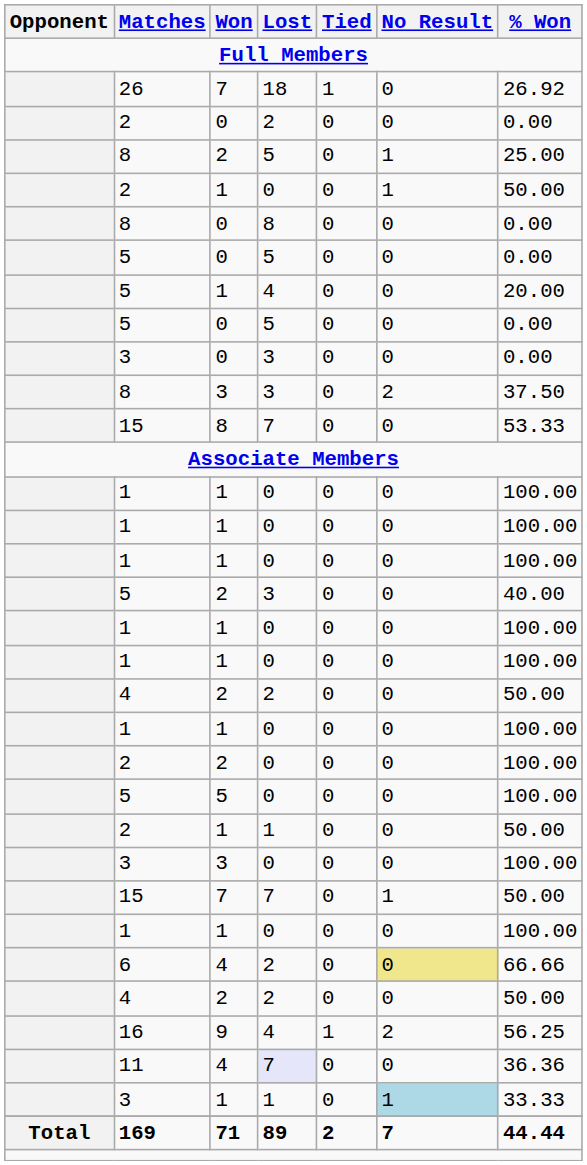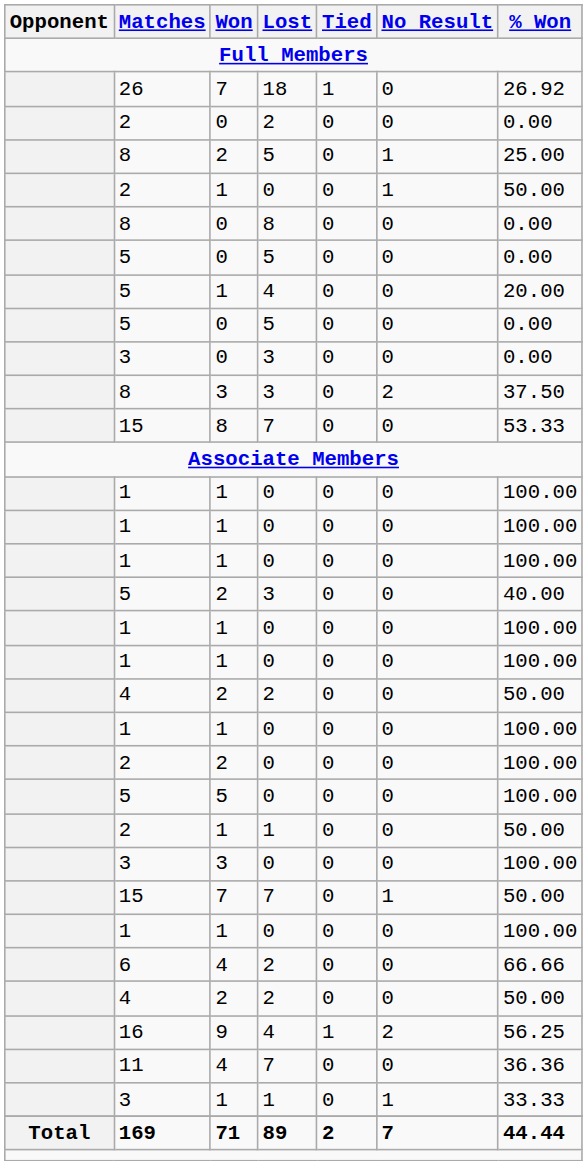 <table class="wikitable plainrowheaders sortable">
 <tr>
 <th scope="col">Opponent</th>
 <th scope="col"><a href='#'>Matches</a></th>
 <th scope="col"><a href='#'>Won</a></th>
 <th scope="col"><a href='#'>Lost</a></th>
 <th scope="col"><a href='#'>Tied</a></th>
 <th scope="col"><a href='#'>No Result</a></th>
 <th scope="col"><a href='#'>% Won</a></th>
 </tr>
 <tr>
 <td style="text-align: center;" colspan="9"><strong><a href='#'>Full Members</a></strong></td>
 </tr>
 <tr>
 <th scope=row></th>
 <td>26</td>
 <td>7</td>
 <td>18</td>
 <td>1</td>
 <td>0</td>
 <td>26.92</td>
 </tr>
 <tr>
 <th scope=row></th>
 <td>2</td>
 <td>0</td>
 <td>2</td>
 <td>0</td>
 <td>0</td>
 <td>0.00</td>
 </tr>
 <tr>
 <th scope=row></th>
 <td>8</td>
 <td>2</td>
 <td>5</td>
 <td>0</td>
 <td>1</td>
 <td>25.00</td>
 </tr>
 <tr>
 <th scope=row></th>
 <td>2</td>
 <td>1</td>
 <td>0</td>
 <td>0</td>
 <td>1</td>
 <td>50.00</td>
 </tr>
 <tr>
 <th scope=row></th>
 <td>8</td>
 <td>0</td>
 <td>8</td>
 <td>0</td>
 <td>0</td>
 <td>0.00</td>
 </tr>
 <tr>
 <th scope=row></th>
 <td>5</td>
 <td>0</td>
 <td>5</td>
 <td>0</td>
 <td>0</td>
 <td>0.00</td>
 </tr>
 <tr>
 <th scope=row></th>
 <td>5</td>
 <td>1</td>
 <td>4</td>
 <td>0</td>
 <td>0</td>
 <td>20.00</td>
 </tr>
 <tr>
 <th scope=row></th>
 <td>5</td>
 <td>0</td>
 <td>5</td>
 <td>0</td>
 <td>0</td>
 <td>0.00</td>
 </tr>
 <tr>
 <th scope=row></th>
 <td>3</td>
 <td>0</td>
 <td>3</td>
 <td>0</td>
 <td>0</td>
 <td>0.00</td>
 </tr>
 <tr>
 <th scope=row></th>
 <td>8</td>
 <td>3</td>
 <td>3</td>
 <td>0</td>
 <td>2</td>
 <td>37.50</td>
 </tr>
 <tr>
 <th scope=row></th>
 <td>15</td>
 <td>8</td>
 <td>7</td>
 <td>0</td>
 <td>0</td>
 <td>53.33</td>
 </tr>
 <tr>
 <td colspan="10" style="text-align: center;"><strong><a href='#'>Associate Members</a></strong></td>
 </tr>
 <tr>
 <th scope=row></th>
 <td>1</td>
 <td>1</td>
 <td>0</td>
 <td>0</td>
 <td>0</td>
 <td>100.00</td>
 </tr>
 <tr>
 <th scope=row></th>
 <td>1</td>
 <td>1</td>
 <td>0</td>
 <td>0</td>
 <td>0</td>
 <td>100.00</td>
 </tr>
 <tr>
 <th scope=row></th>
 <td>1</td>
 <td>1</td>
 <td>0</td>
 <td>0</td>
 <td>0</td>
 <td>100.00</td>
 </tr>
 <tr>
 <th scope=row></th>
 <td>5</td>
 <td>2</td>
 <td>3</td>
 <td>0</td>
 <td>0</td>
 <td>40.00</td>
 </tr>
 <tr>
 <th scope=row></th>
 <td>1</td>
 <td>1</td>
 <td>0</td>
 <td>0</td>
 <td>0</td>
 <td>100.00</td>
 </tr>
 <tr>
 <th scope=row></th>
 <td>1</td>
 <td>1</td>
 <td>0</td>
 <td>0</td>
 <td>0</td>
 <td>100.00</td>
 </tr>
 <tr>
 <th scope=row></th>
 <td>4</td>
 <td>2</td>
 <td>2</td>
 <td>0</td>
 <td>0</td>
 <td>50.00</td>
 </tr>
 <tr>
 <th scope=row></th>
 <td>1</td>
 <td>1</td>
 <td>0</td>
 <td>0</td>
 <td>0</td>
 <td>100.00</td>
 </tr>
 <tr>
 <th scope=row></th>
 <td>2</td>
 <td>2</td>
 <td>0</td>
 <td>0</td>
 <td>0</td>
 <td>100.00</td>
 </tr>
 <tr>
 <th scope=row></th>
 <td>5</td>
 <td>5</td>
 <td>0</td>
 <td>0</td>
 <td>0</td>
 <td>100.00</td>
 </tr>
 <tr>
 <th scope=row></th>
 <td>2</td>
 <td>1</td>
 <td>1</td>
 <td>0</td>
 <td>0</td>
 <td>50.00</td>
 </tr>
 <tr>
 <th scope=row></th>
 <td>3</td>
 <td>3</td>
 <td>0</td>
 <td>0</td>
 <td>0</td>
 <td>100.00</td>
 </tr>
 <tr>
 <th scope=row></th>
 <td>15</td>
 <td>7</td>
 <td>7</td>
 <td>0</td>
 <td>1</td>
 <td>50.00</td>
 </tr>
 <tr>
 <th scope=row></th>
 <td>1</td>
 <td>1</td>
 <td>0</td>
 <td>0</td>
 <td>0</td>
 <td>100.00</td>
 </tr>
 <tr>
 <th scope=row></th>
 <td>6</td>
 <td>4</td>
 <td>2</td>
 <td>0</td>
-<td style="background: khaki;">0</td>
+<td>0</td>
 <td>66.66</td>
 </tr>
 <tr>
 <th scope=row></th>
 <td>4</td>
 <td>2</td>
 <td>2</td>
 <td>0</td>
 <td>0</td>
 <td>50.00</td>
 </tr>
 <tr>
 <th scope=row></th>
 <td>16</td>
 <td>9</td>
 <td>4</td>
 <td>1</td>
 <td>2</td>
 <td>56.25</td>
 </tr>
 <tr>
 <th scope=row></th>
 <td>11</td>
 <td>4</td>
-<td style="background: lavender;">7</td>
+<td>7</td>
 <td>0</td>
 <td>0</td>
 <td>36.36</td>
 </tr>
 <tr>
 <th scope=row></th>
 <td>3</td>
 <td>1</td>
 <td>1</td>
 <td>0</td>
-<td style="background: lightblue;">1</td>
+<td>1</td>
 <td>33.33</td>
 </tr>
 <tr>
 </tr>
 <tr class="sortbottom">
 <th scope="row" style="text-align:center"><strong>Total</strong></th>
 <td><strong>169</strong></td>
 <td><strong>71</strong></td>
 <td><strong>89</strong></td>
 <td><strong>2</strong></td>
 <td><strong>7</strong></td>
 <td><strong>44.44</strong></td>
 </tr>
 <tr>
 <td colspan=10></td>
 </tr>
 </table>
